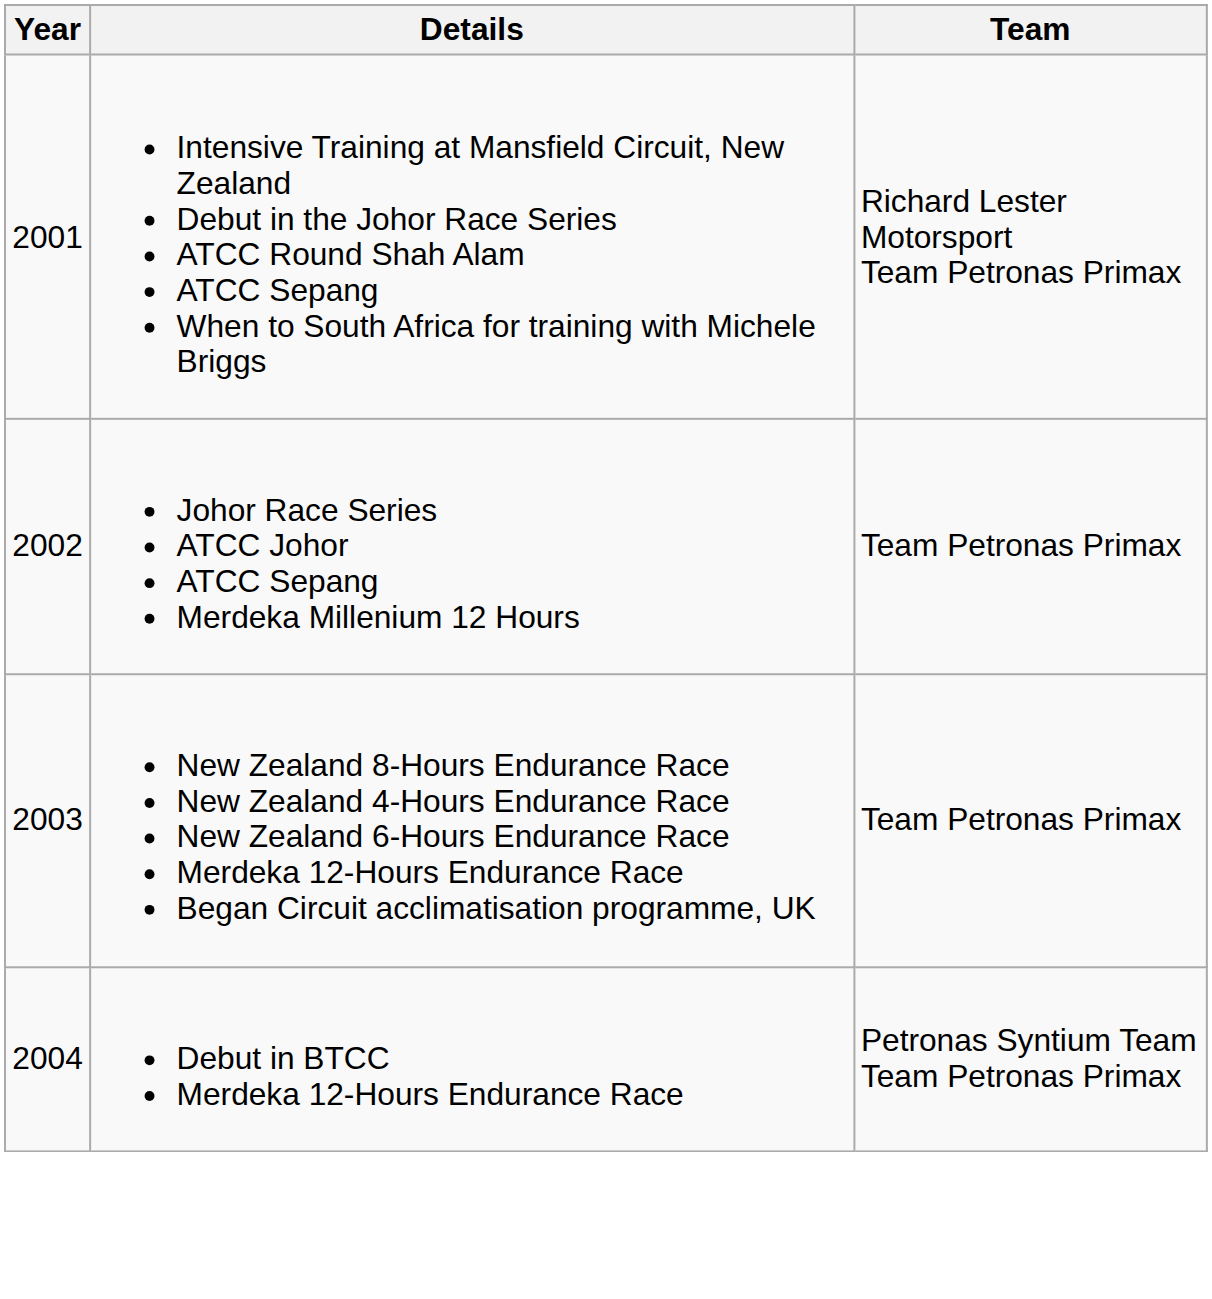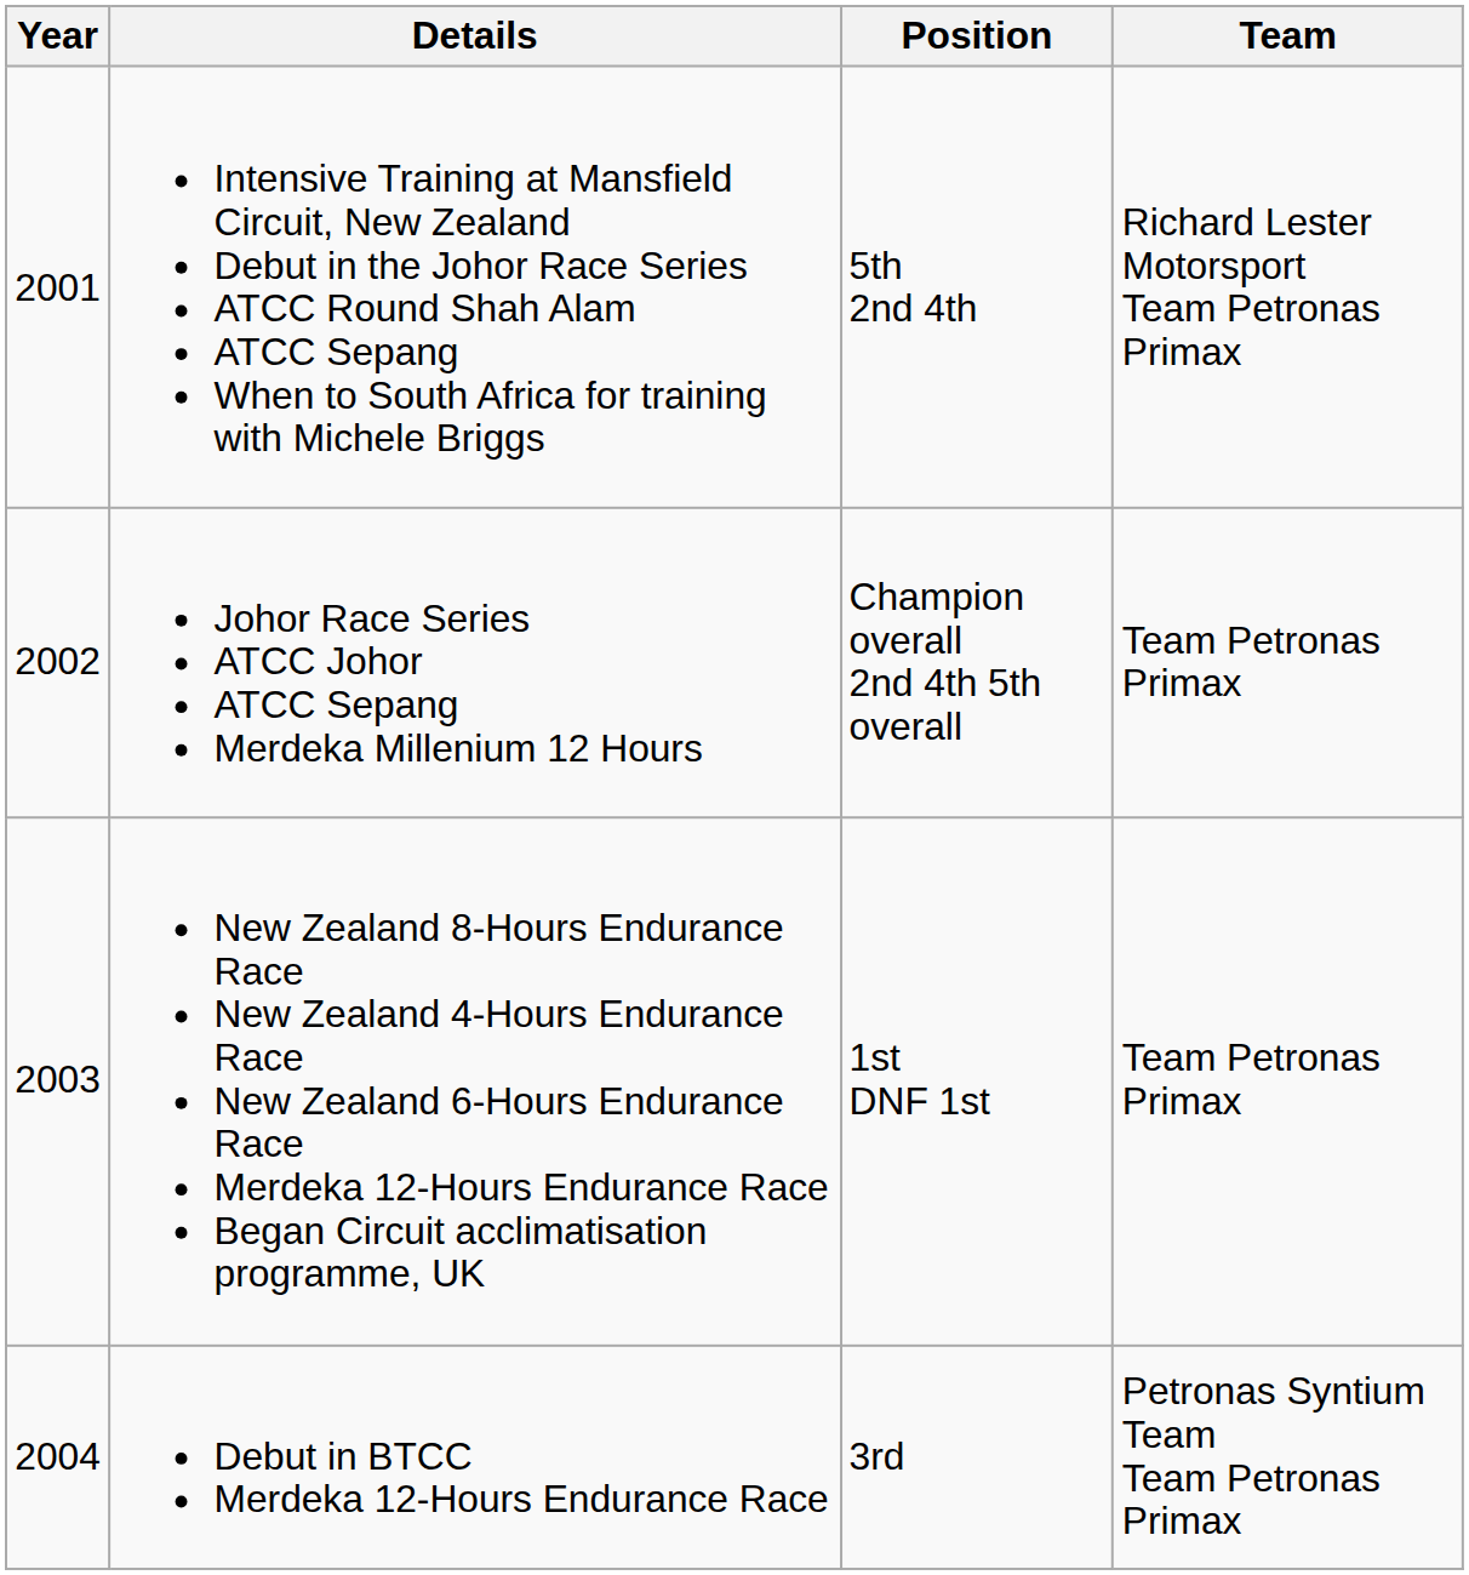 <table class="wikitable">
 <tr>
 <th>Year</th>
 <th>Details</th>
+<th>Position</th>
 <th>Team</th>
 </tr>
 <tr>
 <td>2001</td>
 <td><br><ul><li>Intensive Training at Mansfield Circuit, New Zealand</li><li>Debut in the Johor Race Series</li><li>ATCC Round Shah Alam</li><li>ATCC Sepang</li><li>When to South Africa for training with Michele Briggs</li></ul></td>
+<td>5th<br>2nd 4th</td>
 <td>Richard Lester Motorsport<br>Team Petronas Primax</td>
 </tr>
 <tr>
 <td>2002</td>
 <td><br><ul><li>Johor Race Series</li><li>ATCC Johor</li><li>ATCC Sepang</li><li>Merdeka Millenium 12 Hours</li></ul></td>
+<td>Champion overall<br>2nd 4th  5th overall</td>
 <td>Team Petronas Primax</td>
 </tr>
 <tr>
 <td>2003</td>
 <td><br><ul><li>New Zealand 8-Hours Endurance Race</li><li>New Zealand 4-Hours Endurance Race</li><li>New Zealand 6-Hours Endurance Race</li><li>Merdeka 12-Hours Endurance Race</li><li>Began Circuit acclimatisation programme, UK</li></ul></td>
+<td>1st<br>DNF 1st</td>
 <td>Team Petronas Primax</td>
 </tr>
 <tr>
 <td>2004</td>
 <td><br><ul><li>Debut in BTCC</li><li>Merdeka 12-Hours Endurance Race</li></ul></td>
+<td>3rd</td>
 <td>Petronas Syntium Team<br>Team Petronas Primax</td>
 </tr>
 </table>
